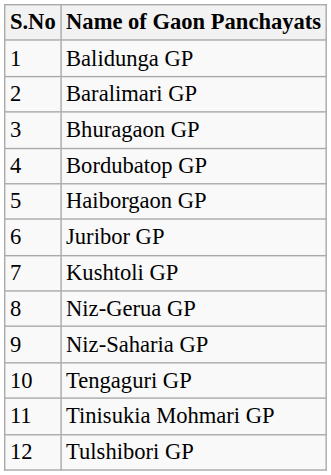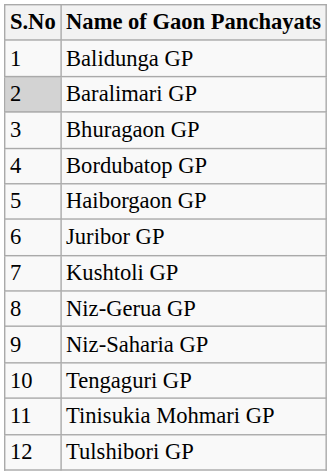 <table class="wikitable">
 <tr>
 <th>S.No</th>
 <th>Name of Gaon Panchayats</th>
 </tr>
 <tr>
 <td>1</td>
 <td>Balidunga GP</td>
 </tr>
 <tr>
-<td>2</td>
+<td style="background: lightgrey;">2</td>
 <td>Baralimari GP</td>
 </tr>
 <tr>
 <td>3</td>
 <td>Bhuragaon GP</td>
 </tr>
 <tr>
 <td>4</td>
 <td>Bordubatop GP</td>
 </tr>
 <tr>
 <td>5</td>
 <td>Haiborgaon GP</td>
 </tr>
 <tr>
 <td>6</td>
 <td>Juribor GP</td>
 </tr>
 <tr>
 <td>7</td>
 <td>Kushtoli GP</td>
 </tr>
 <tr>
 <td>8</td>
 <td>Niz-Gerua GP</td>
 </tr>
 <tr>
 <td>9</td>
 <td>Niz-Saharia GP</td>
 </tr>
 <tr>
 <td>10</td>
 <td>Tengaguri GP</td>
 </tr>
 <tr>
 <td>11</td>
 <td>Tinisukia Mohmari GP</td>
 </tr>
 <tr>
 <td>12</td>
 <td>Tulshibori GP</td>
 </tr>
 </table>
